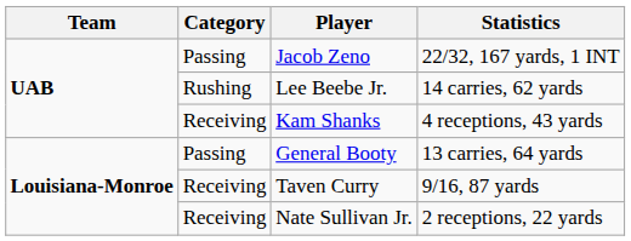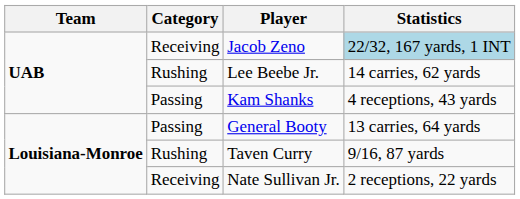 <table class="wikitable" style="float: right;">
 <tr>
 <th>Team</th>
 <th>Category</th>
 <th>Player</th>
 <th>Statistics</th>
 </tr>
 <tr>
 <td rowspan=3><strong>UAB</strong></td>
-<td>Passing</td>
+<td>Receiving</td>
 <td><a href='#'>Jacob Zeno</a></td>
-<td>22/32, 167 yards, 1 INT</td>
+<td style="background: lightblue;">22/32, 167 yards, 1 INT</td>
 </tr>
 <tr>
 <td>Rushing</td>
 <td>Lee Beebe Jr.</td>
 <td>14 carries, 62 yards</td>
 </tr>
 <tr>
-<td>Receiving</td>
+<td>Passing</td>
 <td><a href='#'>Kam Shanks</a></td>
 <td>4 receptions, 43 yards</td>
 </tr>
 <tr>
 <td rowspan=3><strong>Louisiana-Monroe</strong></td>
 <td>Passing</td>
 <td><a href='#'>General Booty</a></td>
 <td>13 carries, 64 yards</td>
 </tr>
 <tr>
-<td>Receiving</td>
+<td>Rushing</td>
 <td>Taven Curry</td>
 <td>9/16, 87 yards</td>
 </tr>
 <tr>
 <td>Receiving</td>
 <td>Nate Sullivan Jr.</td>
 <td>2 receptions, 22 yards</td>
 </tr>
 </table>
